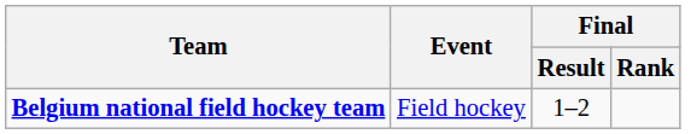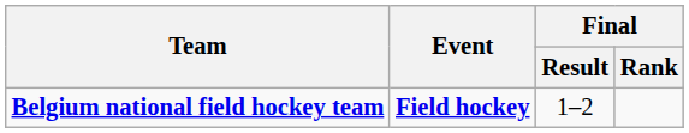 <table class=wikitable style="font-size:90%">
 <tr>
 <th rowspan=2>Team</th>
 <th rowspan=2>Event</th>
 <th colspan=2>Final</th>
 </tr>
 <tr>
 <th>Result</th>
 <th>Rank</th>
 </tr>
 <tr>
 <td><strong><a href='#'>Belgium national field hockey team</a></strong></td>
-<td><a href='#'>Field hockey</a></td>
+<td><strong><a href='#'>Field hockey</a></strong></td>
 <td align=center>1–2</td>
 <td align=center></td>
 </tr>
 </table>
